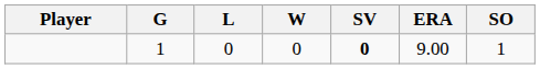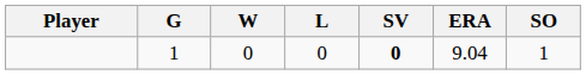 <table class="wikitable sortable">
 <tr>
 <th bgcolor="#DDDDFF" width="16%">Player</th>
 <th bgcolor="#DDDDFF" width="9%">G</th>
+<th bgcolor="#DDDDFF" width="9%">W</th>
 <th bgcolor="#DDDDFF" width="9%">L</th>
-<th bgcolor="#DDDDFF" width="9%">W</th>
 <th bgcolor="#DDDDFF" width="9%">SV</th>
 <th bgcolor="#DDDDFF" width="9%">ERA</th>
 <th bgcolor="#DDDDFF" width="9%">SO</th>
 </tr>
 <tr align="center">
 <td></td>
 <td>1</td>
 <td>0</td>
 <td>0</td>
 <td><strong>0</strong></td>
-<td>9.00</td>
+<td>9.04</td>
 <td>1</td>
 </tr>
 </table>
